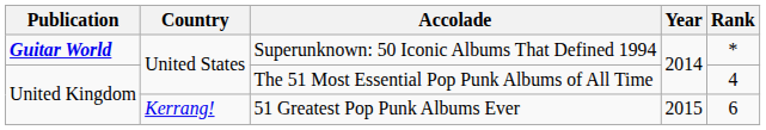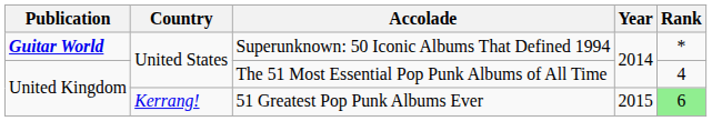 <table class="wikitable">
 <tr>
 <th>Publication</th>
 <th>Country</th>
 <th>Accolade</th>
 <th>Year</th>
 <th>Rank</th>
 </tr>
 <tr>
 <td><strong><em><a href='#'>Guitar World</a></em></strong></td>
 <td rowspan="2">United States</td>
 <td>Superunknown: 50 Iconic Albums That Defined 1994</td>
 <td rowspan="2">2014</td>
 <td style="text-align:center;">*</td>
 </tr>
 <tr |>
 <td rowspan="2">United Kingdom</td>
 <td>The 51 Most Essential Pop Punk Albums of All Time</td>
 <td style="text-align:center;">4</td>
 </tr>
 <tr>
 <td><em><a href='#'>Kerrang!</a></em></td>
 <td>51 Greatest Pop Punk Albums Ever</td>
 <td>2015</td>
-<td style="text-align:center;">6</td>
+<td style="background: lightgreen; text-align:center;">6</td>
 </tr>
 </table>
